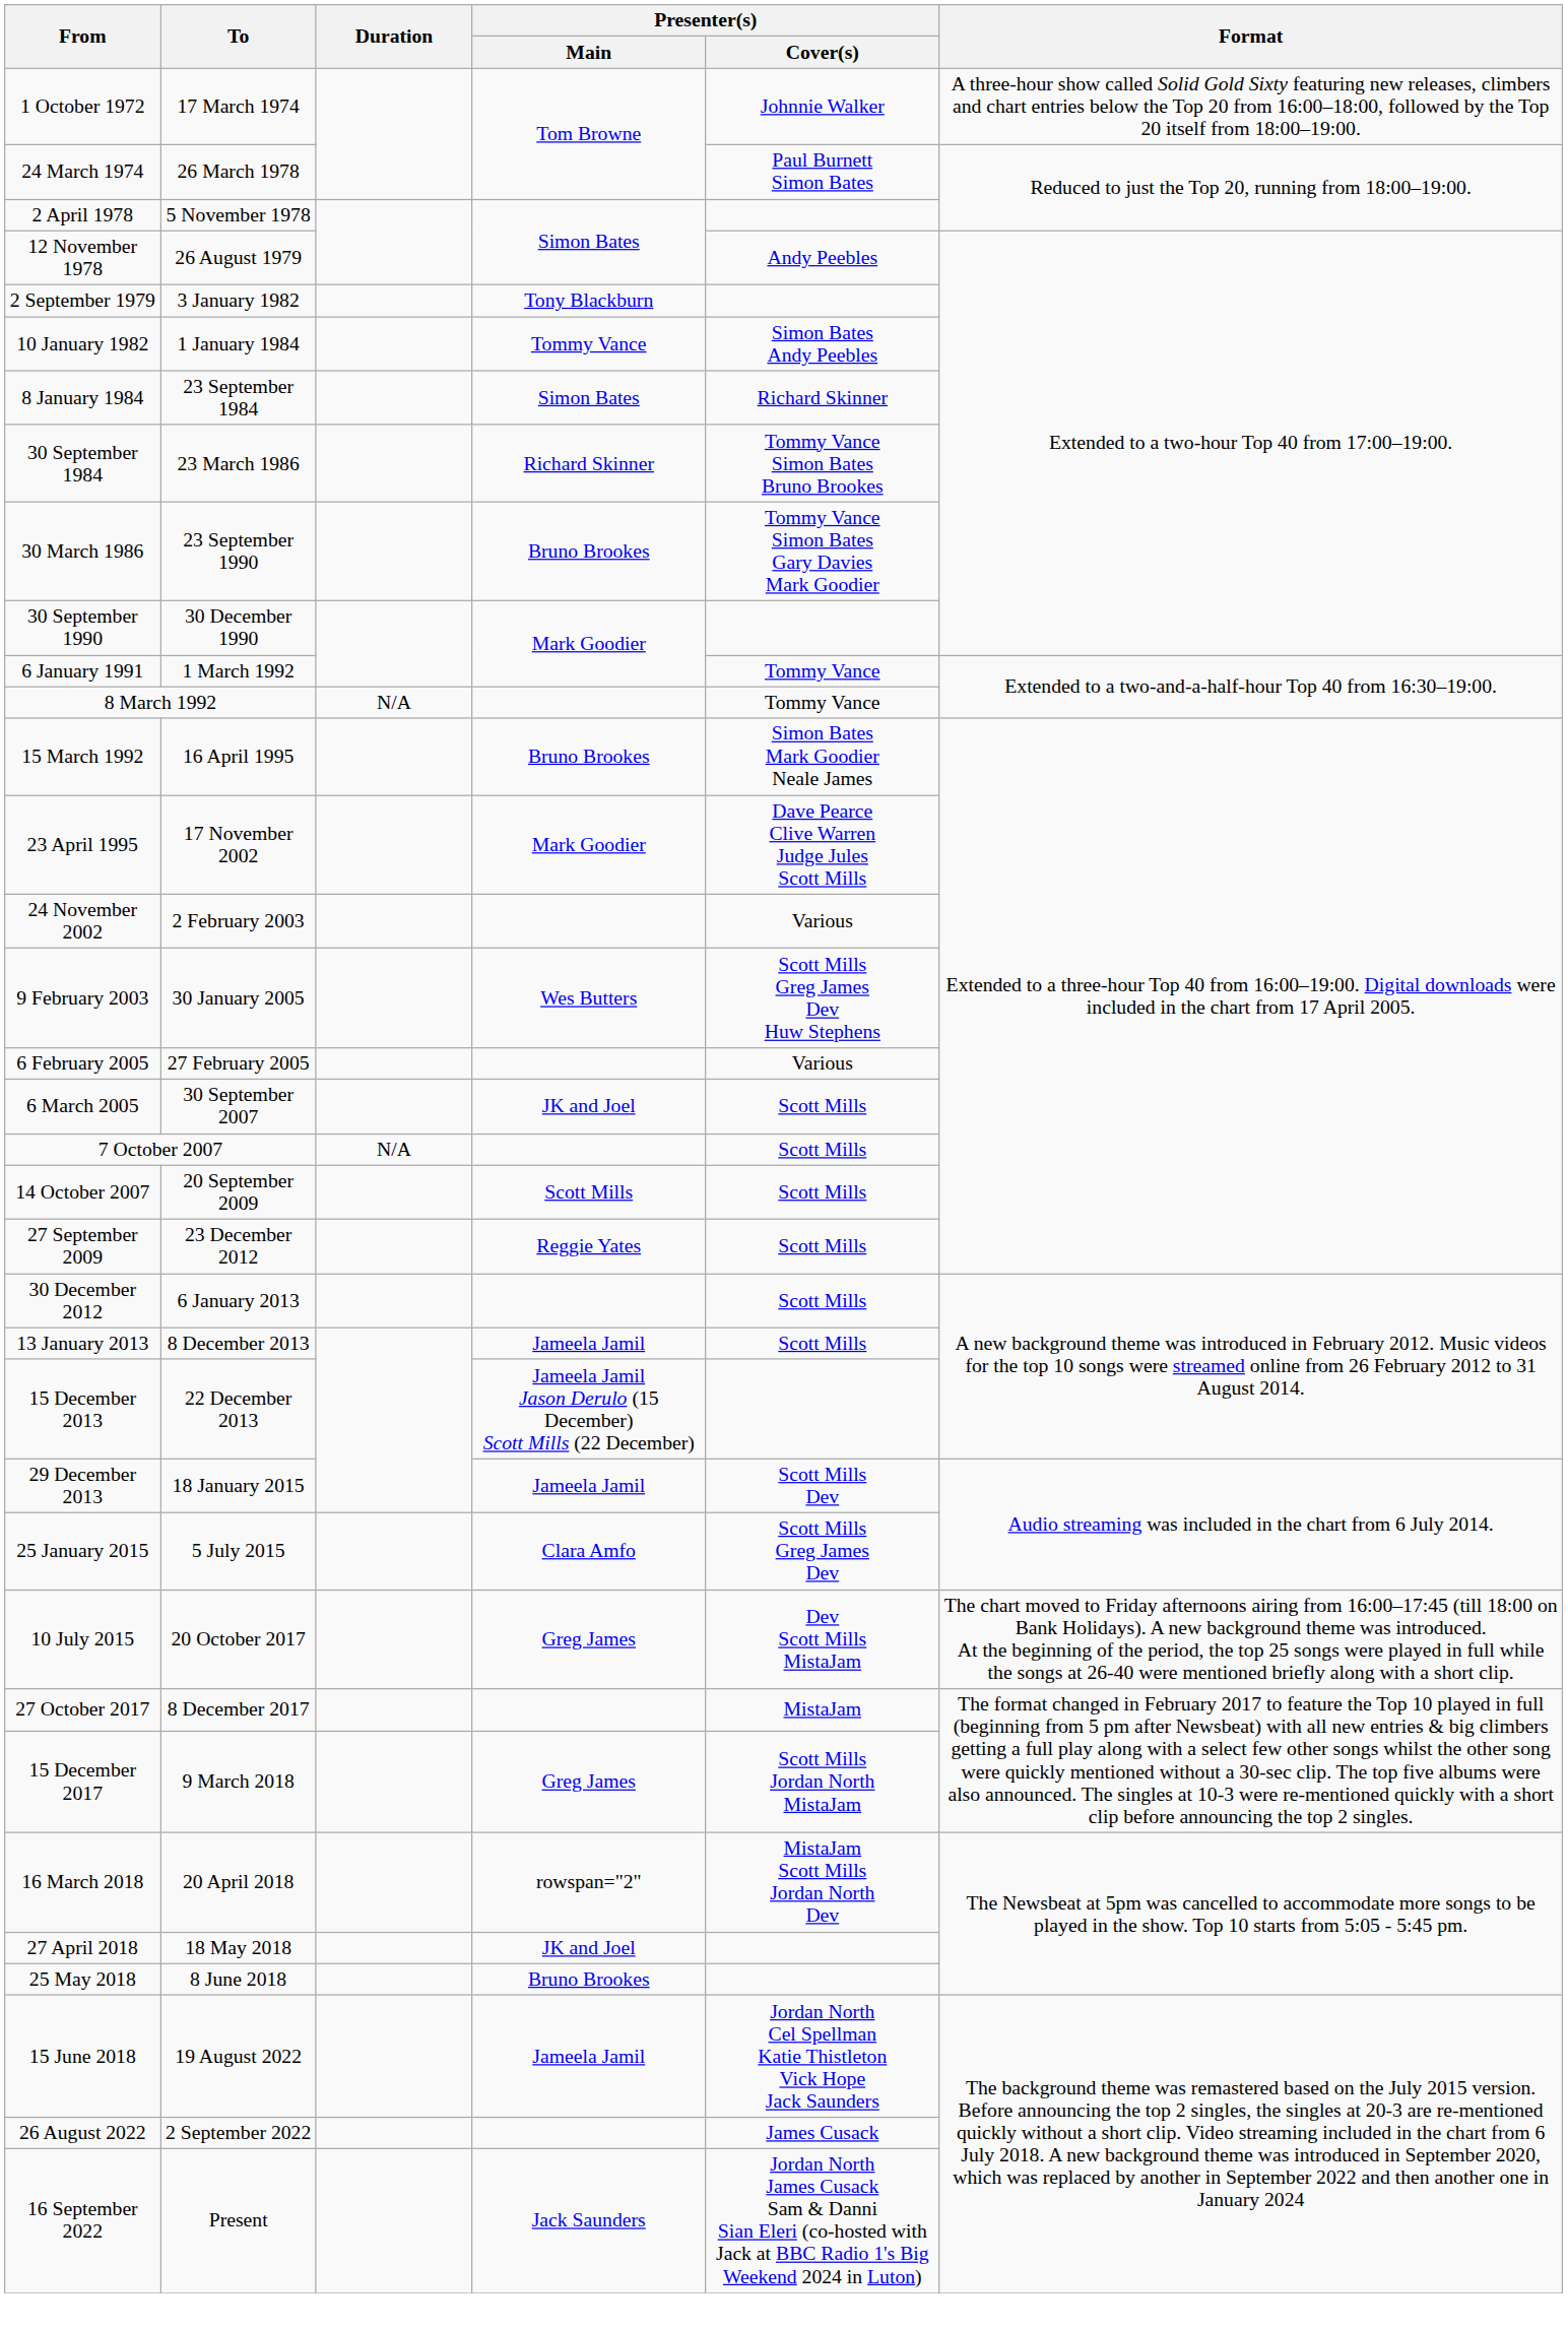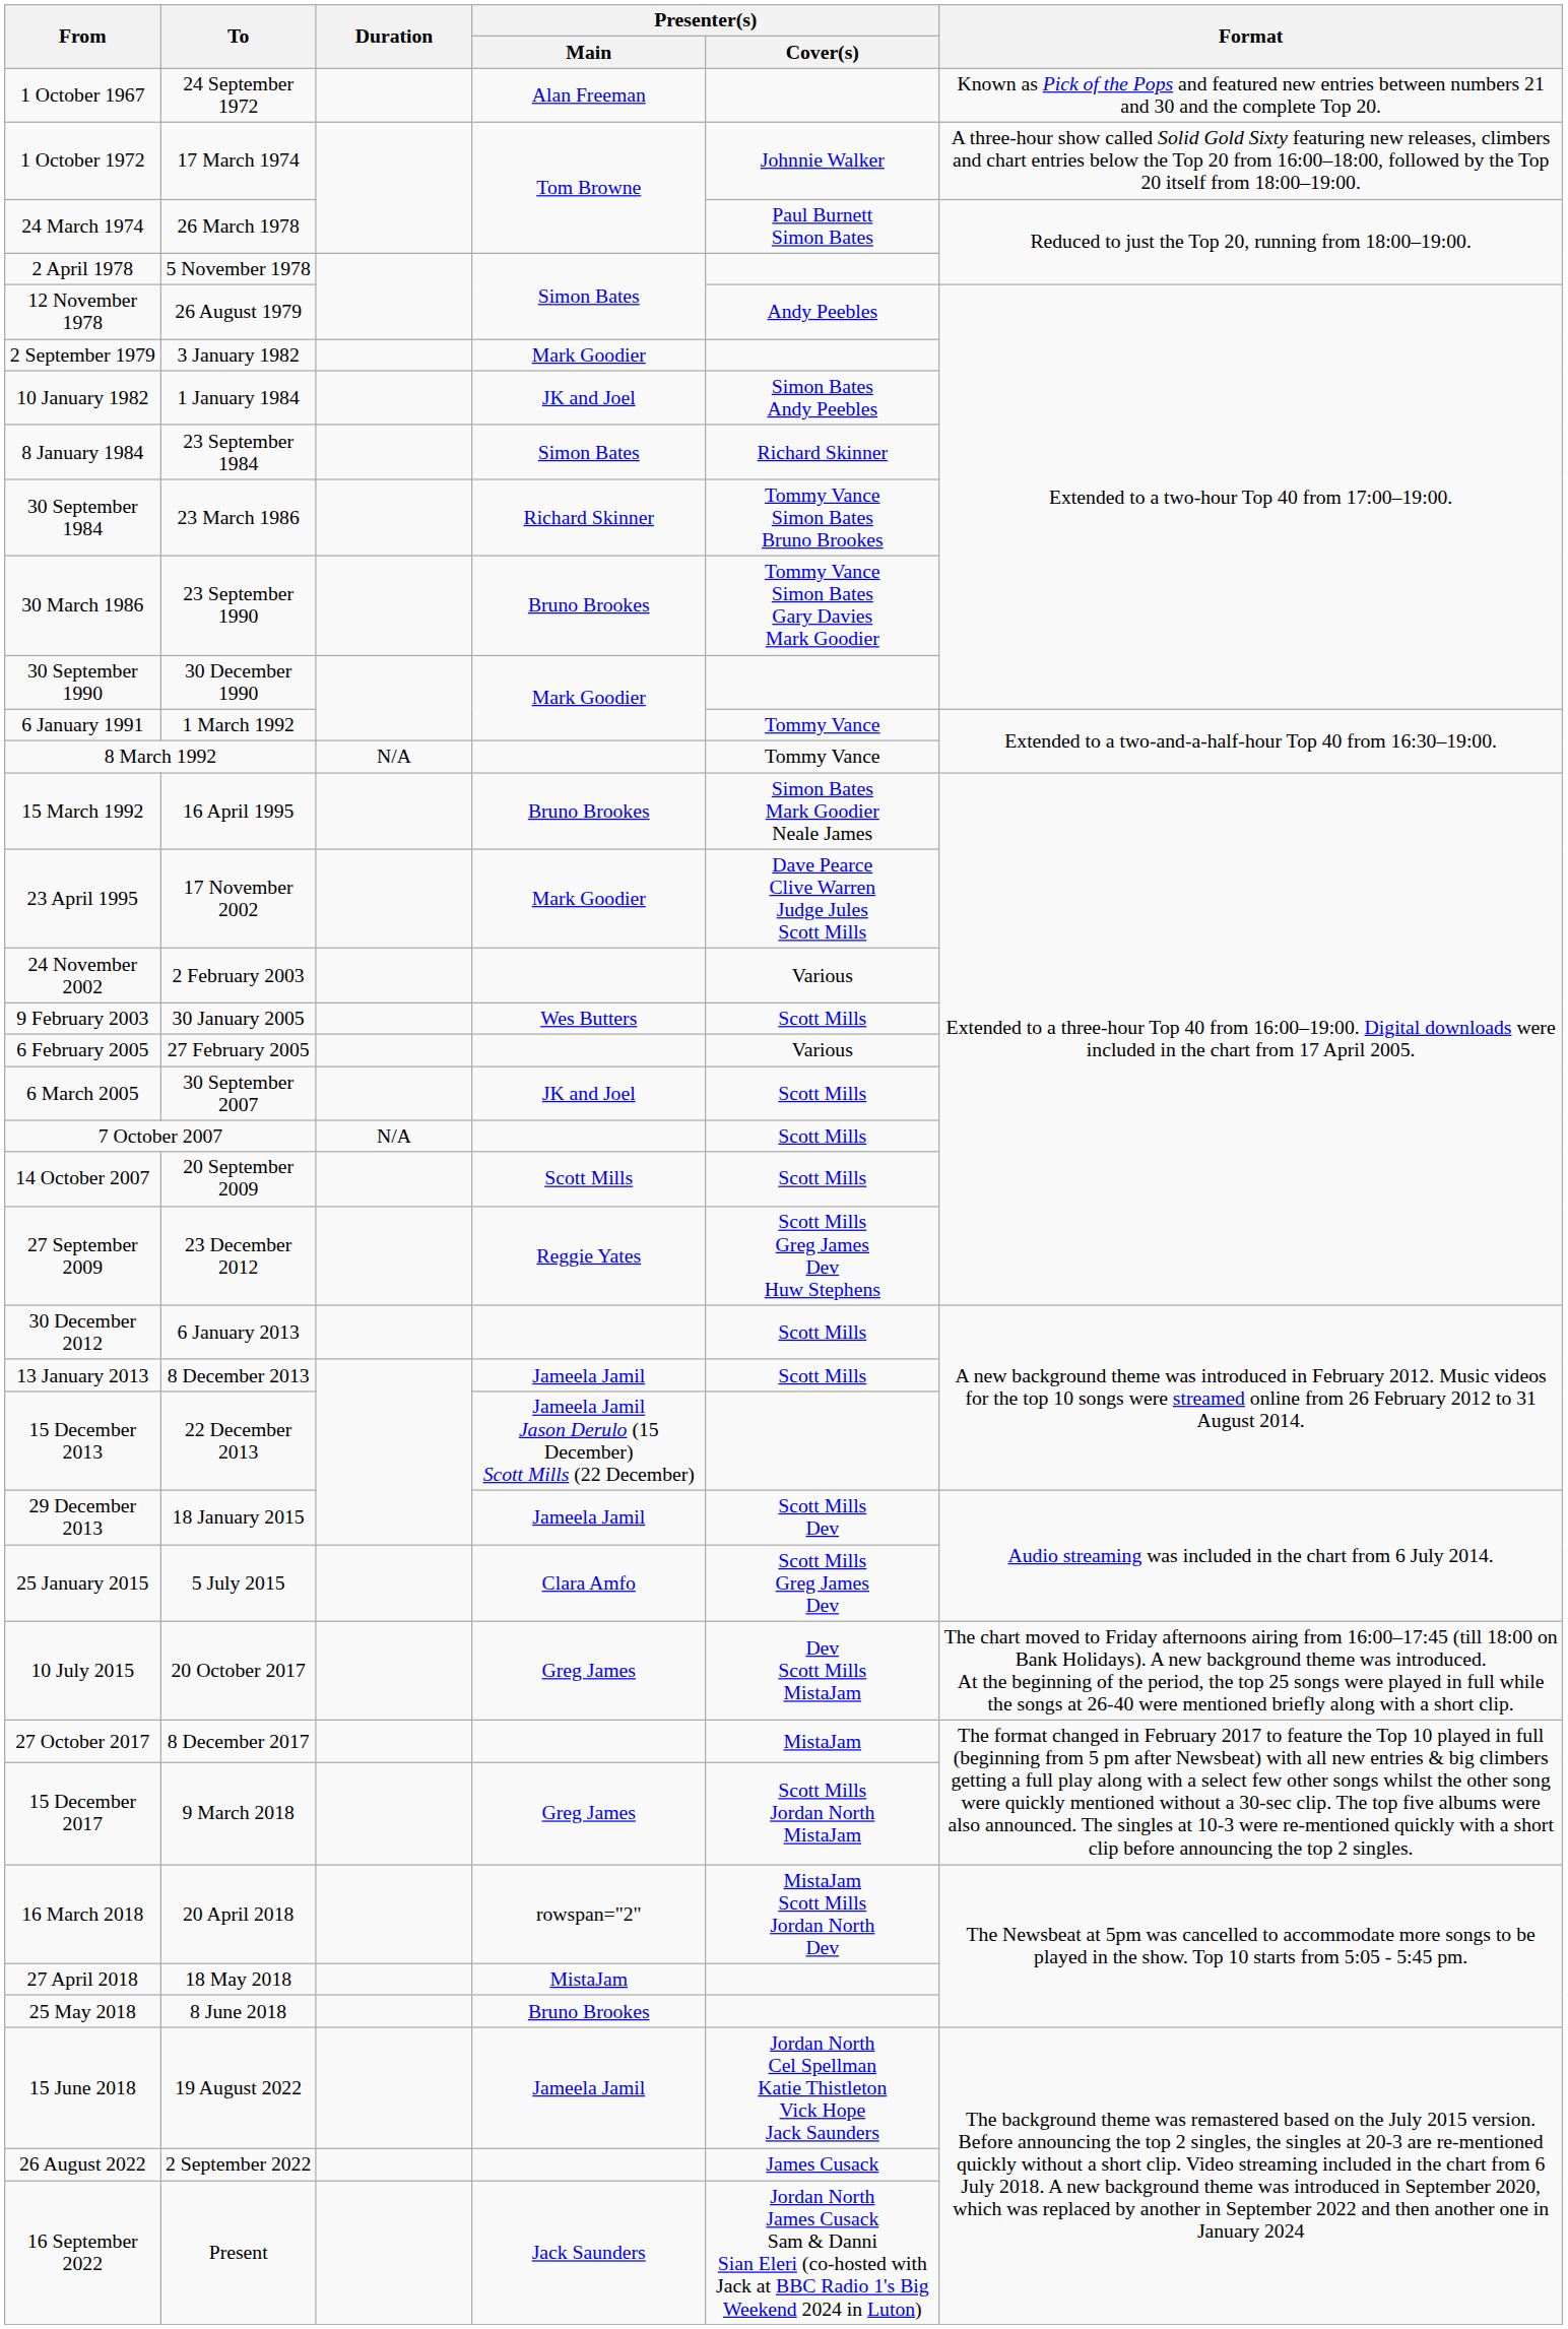 <table class="wikitable" style="text-align:center;">
 <tr>
 <th style="width: 10%;" rowspan="2">From</th>
 <th style="width: 10%;" rowspan="2">To</th>
 <th style="width: 10%;" rowspan="2">Duration</th>
 <th style="width: 30%;" colspan="2">Presenter(s)</th>
 <th style="width: 40%;" rowspan="2">Format</th>
 </tr>
 <tr>
 <th style="width: 15%;">Main</th>
 <th style="width: 15%;">Cover(s)</th>
+</tr>
+<tr>
+<td>1 October 1967</td>
+<td>24 September 1972</td>
+<td></td>
+<td><a href='#'>Alan Freeman</a></td>
+<td></td>
+<td>Known as <em><a href='#'>Pick of the Pops</a></em> and featured new entries between numbers 21 and 30 and the complete Top 20.</td>
 </tr>
 <tr>
 <td>1 October 1972</td>
 <td>17 March 1974</td>
 <td rowspan="2"></td>
 <td rowspan="2"><a href='#'>Tom Browne</a></td>
 <td><a href='#'>Johnnie Walker</a></td>
 <td>A three-hour show called <em>Solid Gold Sixty</em> featuring new releases, climbers and chart entries below the Top 20 from 16:00–18:00, followed by the Top 20 itself from 18:00–19:00.</td>
 </tr>
 <tr>
 <td>24 March 1974</td>
 <td>26 March 1978</td>
 <td><a href='#'>Paul Burnett</a><br><a href='#'>Simon Bates</a></td>
 <td rowspan="2">Reduced to just the Top 20, running from 18:00–19:00.</td>
 </tr>
 <tr>
 <td>2 April 1978</td>
 <td>5 November 1978</td>
 <td rowspan="2"></td>
 <td rowspan="2"><a href='#'>Simon Bates</a></td>
 <td></td>
 </tr>
 <tr>
 <td>12 November 1978</td>
 <td>26 August 1979</td>
 <td><a href='#'>Andy Peebles</a></td>
 <td rowspan="7">Extended to a two-hour Top 40 from 17:00–19:00.</td>
 </tr>
 <tr>
 <td>2 September 1979</td>
 <td>3 January 1982</td>
 <td></td>
-<td><a href='#'>Tony Blackburn</a></td>
+<td><a href='#'>Mark Goodier</a></td>
 <td></td>
 </tr>
 <tr>
 <td>10 January 1982</td>
 <td>1 January 1984</td>
 <td></td>
-<td><a href='#'>Tommy Vance</a></td>
+<td><a href='#'>JK and Joel</a></td>
 <td><a href='#'>Simon Bates</a><br><a href='#'>Andy Peebles</a></td>
 </tr>
 <tr>
 <td>8 January 1984</td>
 <td>23 September 1984</td>
 <td></td>
 <td><a href='#'>Simon Bates</a></td>
 <td><a href='#'>Richard Skinner</a></td>
 </tr>
 <tr>
 <td>30 September 1984</td>
 <td>23 March 1986</td>
 <td></td>
 <td><a href='#'>Richard Skinner</a></td>
 <td><a href='#'>Tommy Vance</a><br><a href='#'>Simon Bates</a><br><a href='#'>Bruno Brookes</a></td>
 </tr>
 <tr>
 <td>30 March 1986</td>
 <td>23 September 1990</td>
 <td></td>
 <td><a href='#'>Bruno Brookes</a></td>
 <td><a href='#'>Tommy Vance</a><br><a href='#'>Simon Bates</a><br><a href='#'>Gary Davies</a><br><a href='#'>Mark Goodier</a></td>
 </tr>
 <tr>
 <td>30 September 1990</td>
 <td>30 December 1990</td>
 <td rowspan="2"></td>
 <td rowspan="2"><a href='#'>Mark Goodier</a></td>
 <td></td>
 </tr>
 <tr>
 <td>6 January 1991</td>
 <td>1 March 1992</td>
 <td><a href='#'>Tommy Vance</a></td>
 <td rowspan="2">Extended to a two-and-a-half-hour Top 40 from 16:30–19:00.</td>
 </tr>
 <tr>
 <td colspan="2">8 March 1992</td>
 <td>N/A</td>
 <td></td>
 <td>Tommy Vance</td>
 </tr>
 <tr>
 <td>15 March 1992</td>
 <td>16 April 1995</td>
 <td></td>
 <td><a href='#'>Bruno Brookes</a></td>
 <td><a href='#'>Simon Bates</a><br><a href='#'>Mark Goodier</a><br>Neale James</td>
 <td rowspan="9">Extended to a three-hour Top 40 from 16:00–19:00. <a href='#'>Digital downloads</a> were included in the chart from 17 April 2005.</td>
 </tr>
 <tr>
 <td>23 April 1995</td>
 <td>17 November 2002</td>
 <td></td>
 <td><a href='#'>Mark Goodier</a></td>
 <td><a href='#'>Dave Pearce</a><br><a href='#'>Clive Warren</a><br><a href='#'>Judge Jules</a><br><a href='#'>Scott Mills</a></td>
 </tr>
 <tr>
 <td>24 November 2002</td>
 <td>2 February 2003</td>
 <td></td>
 <td></td>
 <td>Various</td>
 </tr>
 <tr>
 <td>9 February 2003</td>
 <td>30 January 2005</td>
 <td></td>
 <td><a href='#'>Wes Butters</a></td>
-<td><a href='#'>Scott Mills</a><br><a href='#'>Greg James</a><br><a href='#'>Dev</a><br><a href='#'>Huw Stephens</a></td>
+<td><a href='#'>Scott Mills</a></td>
 </tr>
 <tr>
 <td>6 February 2005</td>
 <td>27 February 2005</td>
 <td></td>
 <td></td>
 <td>Various</td>
 </tr>
 <tr>
 <td>6 March 2005</td>
 <td>30 September 2007</td>
 <td></td>
 <td><a href='#'>JK and Joel</a></td>
 <td><a href='#'>Scott Mills</a></td>
 </tr>
 <tr>
 <td colspan="2">7 October 2007</td>
 <td>N/A</td>
 <td></td>
 <td><a href='#'>Scott Mills</a></td>
 </tr>
 <tr>
 <td>14 October 2007</td>
 <td>20 September 2009</td>
 <td></td>
 <td><a href='#'>Scott Mills</a></td>
 <td><a href='#'>Scott Mills</a></td>
 </tr>
 <tr>
 <td>27 September 2009</td>
 <td>23 December 2012</td>
 <td></td>
 <td><a href='#'>Reggie Yates</a></td>
-<td><a href='#'>Scott Mills</a></td>
+<td><a href='#'>Scott Mills</a><br><a href='#'>Greg James</a><br><a href='#'>Dev</a><br><a href='#'>Huw Stephens</a></td>
 </tr>
 <tr>
 <td>30 December 2012</td>
 <td>6 January 2013</td>
 <td></td>
 <td></td>
 <td><a href='#'>Scott Mills</a></td>
 <td rowspan="3">A new background theme was introduced in February 2012. Music videos for the top 10 songs were <a href='#'>streamed</a> online from 26 February 2012 to 31 August 2014.</td>
 </tr>
 <tr>
 <td>13 January 2013</td>
 <td>8 December 2013</td>
 <td rowspan="3"></td>
 <td><a href='#'>Jameela Jamil</a></td>
 <td><a href='#'>Scott Mills</a></td>
 </tr>
 <tr>
 <td>15 December 2013</td>
 <td>22 December 2013</td>
 <td><a href='#'>Jameela Jamil</a><br><em><a href='#'>Jason Derulo</a></em> (15 December)<br><em><a href='#'>Scott Mills</a></em> (22 December)</td>
 <td></td>
 </tr>
 <tr>
 <td>29 December 2013</td>
 <td>18 January 2015</td>
 <td><a href='#'>Jameela Jamil</a></td>
 <td><a href='#'>Scott Mills</a><br><a href='#'>Dev</a></td>
 <td rowspan="2"><a href='#'>Audio streaming</a> was included in the chart from 6 July 2014.</td>
 </tr>
 <tr>
 <td>25 January 2015</td>
 <td>5 July 2015</td>
 <td></td>
 <td><a href='#'>Clara Amfo</a></td>
 <td><a href='#'>Scott Mills</a><br><a href='#'>Greg James</a><br><a href='#'>Dev</a></td>
 </tr>
 <tr>
 <td>10 July 2015</td>
 <td>20 October 2017</td>
 <td></td>
 <td><a href='#'>Greg James</a></td>
 <td><a href='#'>Dev</a><br><a href='#'>Scott Mills</a><br><a href='#'>MistaJam</a></td>
 <td>The chart moved to Friday afternoons airing from 16:00–17:45 (till 18:00 on Bank Holidays). A new background theme was introduced.<br>At the beginning of the period, the top 25 songs were played in full while the songs at 26-40 were mentioned briefly along with a short clip.</td>
 </tr>
 <tr>
 <td>27 October 2017</td>
 <td>8 December 2017</td>
 <td></td>
 <td></td>
 <td><a href='#'>MistaJam</a></td>
 <td rowspan="2">The format changed in February 2017 to feature the Top 10 played in full (beginning from 5 pm after Newsbeat) with all new entries & big climbers getting a full play along with a select few other songs whilst the other song were quickly mentioned without a 30-sec clip. The top five albums were also announced. The singles at 10-3 were re-mentioned quickly with a short clip before announcing the top 2 singles.</td>
 </tr>
 <tr>
 <td>15 December 2017</td>
 <td>9 March 2018</td>
 <td></td>
 <td><a href='#'>Greg James</a></td>
 <td><a href='#'>Scott Mills</a><br><a href='#'>Jordan North</a><br><a href='#'>MistaJam</a></td>
 </tr>
 <tr>
 <td>16 March 2018</td>
 <td>20 April 2018</td>
 <td></td>
 <td>rowspan="2" </td>
 <td><a href='#'>MistaJam</a><br><a href='#'>Scott Mills</a><br><a href='#'>Jordan North</a><br><a href='#'>Dev</a></td>
 <td rowspan="3">The Newsbeat at 5pm was cancelled to accommodate more songs to be played in the show. Top 10 starts from 5:05 - 5:45 pm.</td>
 </tr>
 <tr>
 <td>27 April 2018</td>
 <td>18 May 2018</td>
 <td></td>
-<td><a href='#'>JK and Joel</a></td>
+<td><a href='#'>MistaJam</a></td>
 </tr>
 <tr>
 <td>25 May 2018</td>
 <td>8 June 2018</td>
 <td></td>
 <td><a href='#'>Bruno Brookes</a></td>
 <td></td>
 </tr>
 <tr>
 <td>15 June 2018</td>
 <td>19 August 2022</td>
 <td></td>
 <td><a href='#'>Jameela Jamil</a></td>
 <td><a href='#'>Jordan North</a><br><a href='#'>Cel Spellman</a><br><a href='#'>Katie Thistleton</a><br><a href='#'>Vick Hope</a><br><a href='#'>Jack Saunders</a></td>
 <td rowspan="3">The background theme was remastered based on the July 2015 version. Before announcing the top 2 singles, the singles at 20-3 are re-mentioned quickly without a short clip. Video streaming included in the chart from 6 July 2018. A new background theme was introduced in September 2020, which was replaced by another in September 2022 and then another one in January 2024</td>
 </tr>
 <tr>
 <td>26 August 2022</td>
 <td>2 September 2022</td>
 <td></td>
 <td></td>
 <td><a href='#'>James Cusack</a></td>
 </tr>
 <tr>
 <td>16 September 2022</td>
 <td>Present</td>
 <td></td>
 <td><a href='#'>Jack Saunders</a></td>
 <td><a href='#'>Jordan North</a><br><a href='#'>James Cusack</a><br>Sam & Danni<br><a href='#'>Sian Eleri</a> (co-hosted with Jack at <a href='#'>BBC Radio 1's Big Weekend</a> 2024 in <a href='#'>Luton</a>)</td>
 </tr>
 </table>
